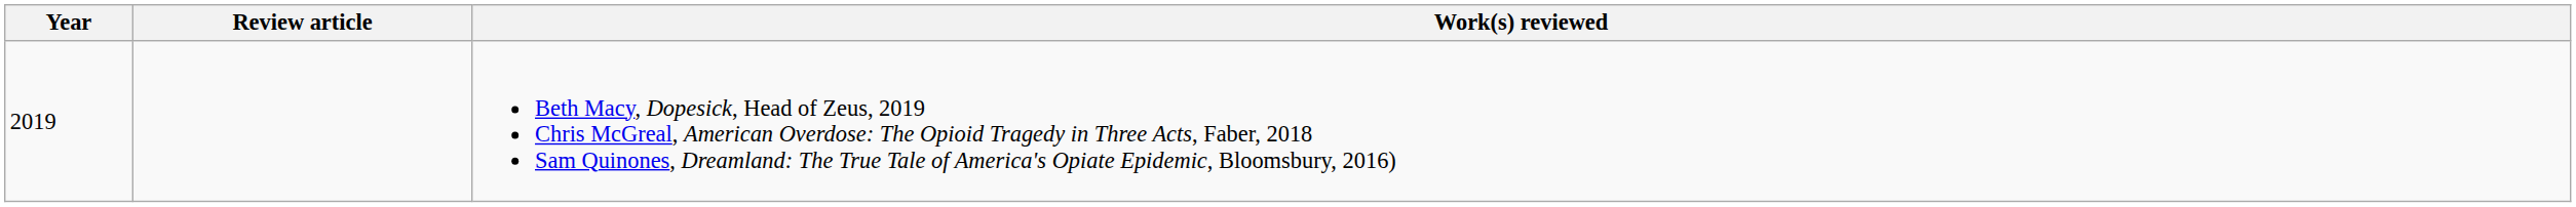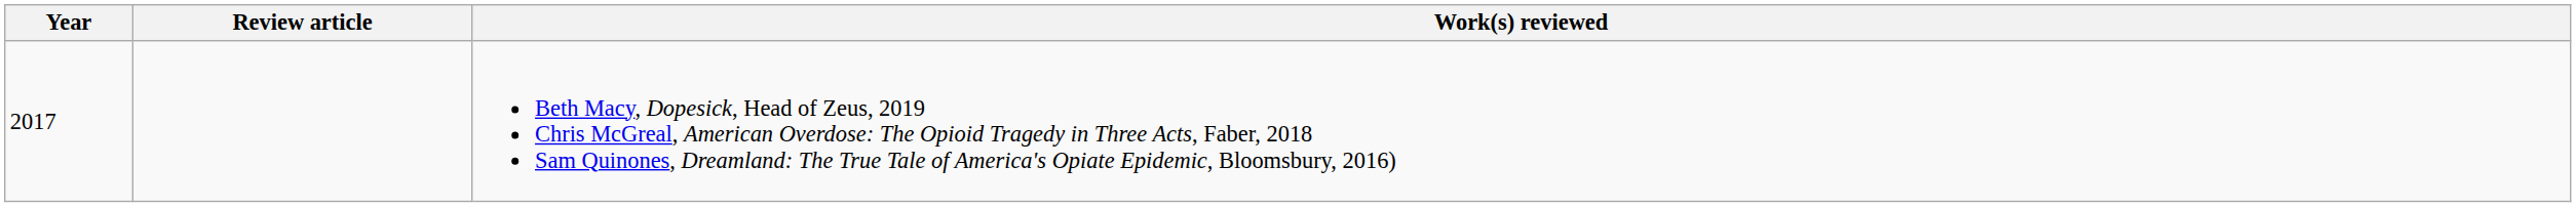 <table class='wikitable sortable' width='90%'>
 <tr>
 <th>Year</th>
 <th class='unsortable'>Review article</th>
 <th class='unsortable'>Work(s) reviewed</th>
 </tr>
 <tr>
-<td>2019</td>
+<td>2017</td>
 <td></td>
 <td><br><ul><li><a href='#'>Beth Macy</a>, <em>Dopesick</em>, Head of Zeus, 2019</li><li><a href='#'>Chris McGreal</a>, <em>American Overdose:  The Opioid Tragedy in Three Acts</em>, Faber, 2018</li><li><a href='#'>Sam Quinones</a>, <em>Dreamland:  The True Tale of America's Opiate Epidemic</em>, Bloomsbury, 2016)</li></ul></td>
 </tr>
 </table>
